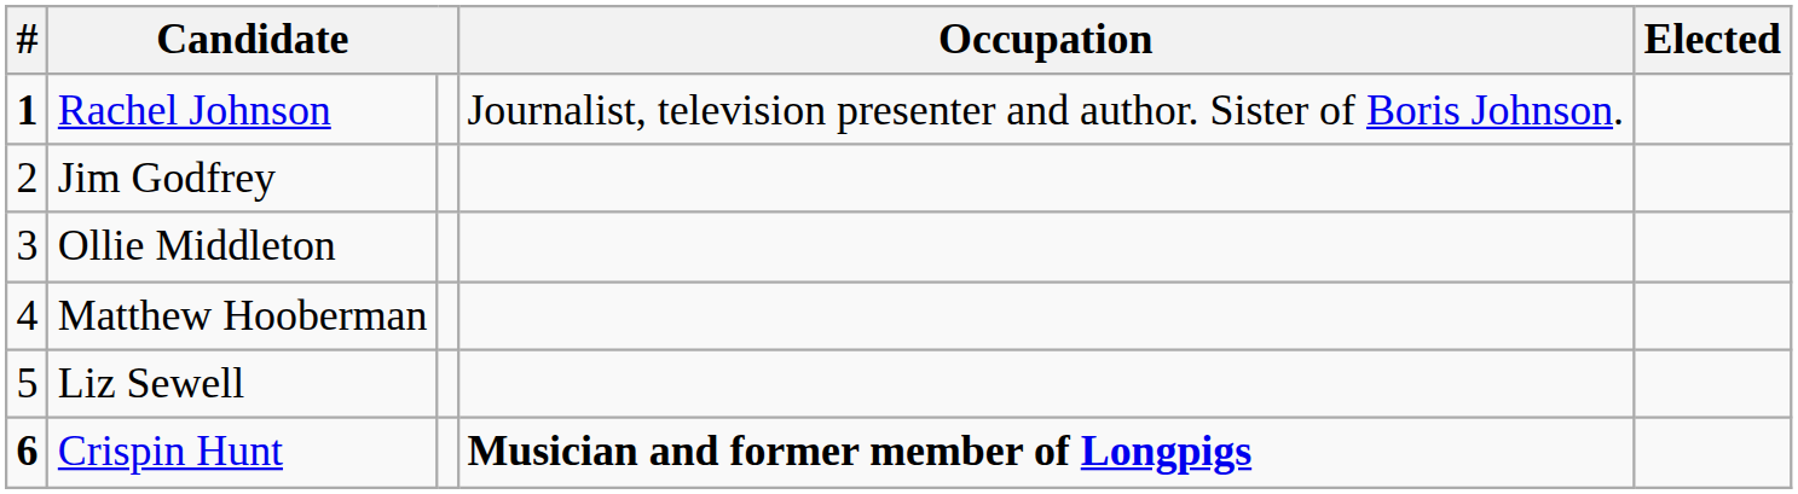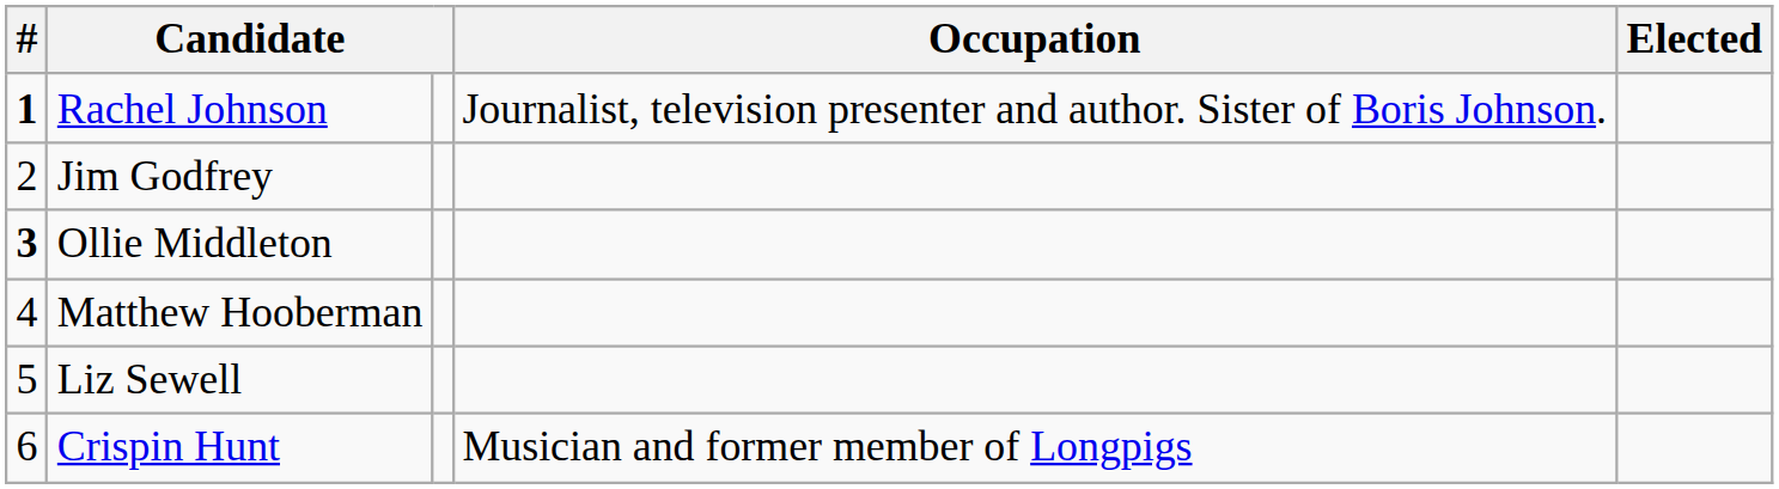 <table class="wikitable">
 <tr>
 <th>#</th>
 <th colspan="2">Candidate</th>
 <th>Occupation</th>
 <th>Elected</th>
 </tr>
 <tr>
 <td><strong>1</strong></td>
 <td><a href='#'>Rachel Johnson</a></td>
 <td></td>
 <td>Journalist, television presenter and author. Sister of <a href='#'>Boris Johnson</a>.</td>
 <td></td>
 </tr>
 <tr>
 <td>2</td>
 <td>Jim Godfrey</td>
 <td></td>
 <td></td>
 <td></td>
 </tr>
 <tr>
-<td>3</td>
+<td><strong>3</strong></td>
 <td>Ollie Middleton</td>
 <td></td>
 <td></td>
 <td></td>
 </tr>
 <tr>
 <td>4</td>
 <td>Matthew Hooberman</td>
 <td></td>
 <td></td>
 <td></td>
 </tr>
 <tr>
 <td>5</td>
 <td>Liz Sewell</td>
 <td></td>
 <td></td>
 <td></td>
 </tr>
 <tr>
-<td><strong>6</strong></td>
+<td>6</td>
 <td><a href='#'>Crispin Hunt</a></td>
 <td></td>
-<td><strong>Musician and former member of <a href='#'>Longpigs</a></strong></td>
+<td>Musician and former member of <a href='#'>Longpigs</a></td>
 <td></td>
 </tr>
 </table>
